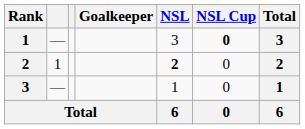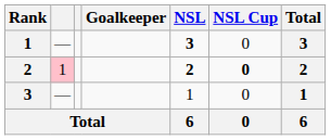 <table class="wikitable sortable" style="text-align:center">
 <tr>
 <th>Rank</th>
 <th></th>
 <th></th>
 <th>Goalkeeper</th>
 <th><a href='#'>NSL</a></th>
 <th><a href='#'>NSL Cup</a></th>
 <th>Total</th>
 </tr>
 <tr>
 <th>1</th>
 <td>—</td>
 <td></td>
 <td align="left"></td>
-<td>3</td>
-<td><strong>0</strong></td>
+<td><strong>3</strong></td>
+<td>0</td>
 <th>3</th>
 </tr>
 <tr>
 <th>2</th>
-<td>1</td>
+<td style="background: pink;">1</td>
 <td></td>
 <td align="left"></td>
 <td><strong>2</strong></td>
-<td>0</td>
+<td><strong>0</strong></td>
 <th>2</th>
 </tr>
 <tr>
 <th>3</th>
 <td>—</td>
 <td></td>
 <td align="left"></td>
 <td>1</td>
 <td>0</td>
 <th>1</th>
 </tr>
 <tr>
 <th colspan="4">Total</th>
 <th>6</th>
 <th>0</th>
 <th>6</th>
 </tr>
 </table>
